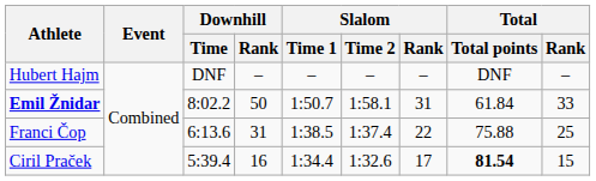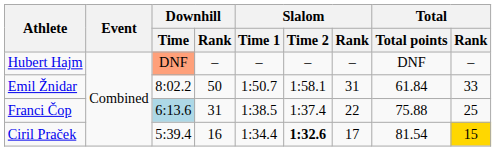 <table class="wikitable" style="font-size:90%">
 <tr>
 <th rowspan="2">Athlete</th>
 <th rowspan="2">Event</th>
 <th colspan="2">Downhill</th>
 <th colspan="3">Slalom</th>
 <th colspan="2">Total</th>
 </tr>
 <tr>
 <th>Time</th>
 <th>Rank</th>
 <th>Time 1</th>
 <th>Time 2</th>
 <th>Rank</th>
 <th>Total points</th>
 <th>Rank</th>
 </tr>
 <tr>
 <td><a href='#'>Hubert Hajm</a></td>
 <td rowspan="4">Combined</td>
-<td align="center">DNF</td>
+<td align="center" style="background: lightsalmon;">DNF</td>
 <td align="center">–</td>
 <td align="center">–</td>
 <td align="center">–</td>
 <td align="center">–</td>
 <td align="center">DNF</td>
 <td align="center">–</td>
 </tr>
 <tr>
-<td><strong><a href='#'>Emil Žnidar</a></strong></td>
+<td><a href='#'>Emil Žnidar</a></td>
 <td align="center">8:02.2</td>
 <td align="center">50</td>
 <td align="center">1:50.7</td>
 <td align="center">1:58.1</td>
 <td align="center">31</td>
 <td align="center">61.84</td>
 <td align="center">33</td>
 </tr>
 <tr>
 <td><a href='#'>Franci Čop</a></td>
-<td align="center">6:13.6</td>
+<td align="center" style="background: lightblue;">6:13.6</td>
 <td align="center">31</td>
 <td align="center">1:38.5</td>
 <td align="center">1:37.4</td>
 <td align="center">22</td>
 <td align="center">75.88</td>
 <td align="center">25</td>
 </tr>
 <tr>
 <td><a href='#'>Ciril Praček</a></td>
 <td align="center">5:39.4</td>
 <td align="center">16</td>
 <td align="center">1:34.4</td>
-<td align="center">1:32.6</td>
+<td align="center"><strong>1:32.6</strong></td>
 <td align="center">17</td>
-<td align="center"><strong>81.54</strong></td>
-<td align="center">15</td>
+<td align="center">81.54</td>
+<td align="center" style="background: gold;">15</td>
 </tr>
 </table>
